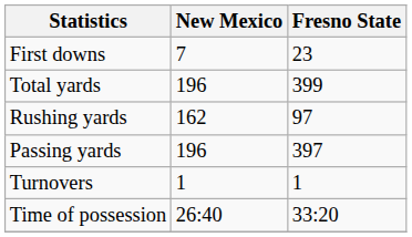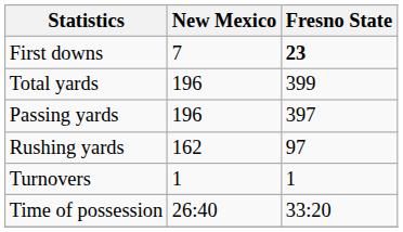 <table class="wikitable">
 <tr>
 <th>Statistics</th>
 <th>New Mexico</th>
 <th>Fresno State</th>
 </tr>
 <tr>
 <td>First downs</td>
 <td>7</td>
-<td>23</td>
+<td><strong>23</strong></td>
 </tr>
 <tr>
 <td>Total yards</td>
 <td>196</td>
 <td>399</td>
 </tr>
 <tr>
+<td>Passing yards</td>
+<td>196</td>
+<td>397</td>
+</tr>
+<tr>
 <td>Rushing yards</td>
 <td>162</td>
 <td>97</td>
-</tr>
-<tr>
-<td>Passing yards</td>
-<td>196</td>
-<td>397</td>
 </tr>
 <tr>
 <td>Turnovers</td>
 <td>1</td>
 <td>1</td>
 </tr>
 <tr>
 <td>Time of possession</td>
 <td>26:40</td>
 <td>33:20</td>
 </tr>
 <tr>
 </tr>
 </table>
